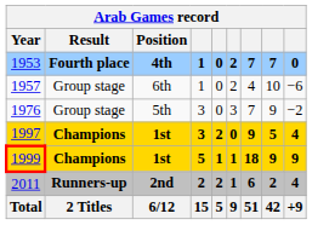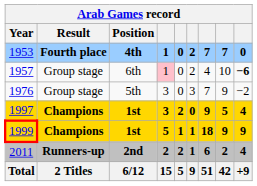 <table class="wikitable" style="text-align: center;">
 <tr>
 <th colspan=10><a href='#'>Arab Games</a> record</th>
 </tr>
 <tr>
 <th>Year</th>
 <th>Result</th>
 <th>Position</th>
 <th></th>
 <th></th>
 <th></th>
 <th></th>
 <th></th>
 <th></th>
 </tr>
 <tr bgcolor=#9acdff>
 <td> <a href='#'>1953</a></td>
 <td><strong>Fourth place</strong></td>
 <td><strong>4th</strong></td>
 <td><strong>1</strong></td>
 <td><strong>0</strong></td>
 <td><strong>2</strong></td>
 <td><strong>7</strong></td>
 <td><strong>7</strong></td>
 <td><strong>0</strong></td>
 </tr>
 <tr>
 <td> <a href='#'>1957</a></td>
 <td>Group stage</td>
 <td>6th</td>
-<td>1</td>
+<td style="background: pink;">1</td>
 <td>0</td>
 <td>2</td>
 <td>4</td>
 <td>10</td>
-<td>−6</td>
+<td><strong>−6</strong></td>
 </tr>
 <tr>
 <td> <a href='#'>1976</a></td>
 <td>Group stage</td>
 <td>5th</td>
 <td>3</td>
 <td>0</td>
 <td>3</td>
 <td>7</td>
 <td>9</td>
 <td>−2</td>
 </tr>
 <tr bgcolor=gold>
 <td> <a href='#'>1997</a></td>
 <td><strong>Champions</strong></td>
 <td><strong>1st</strong></td>
 <td><strong>3</strong></td>
 <td><strong>2</strong></td>
 <td><strong>0</strong></td>
 <td><strong>9</strong></td>
 <td><strong>5</strong></td>
 <td><strong>4</strong></td>
 </tr>
 <tr bgcolor=gold>
 <td style="border: 3px solid red"> <a href='#'>1999</a></td>
 <td><strong>Champions</strong></td>
 <td><strong>1st</strong></td>
 <td><strong>5</strong></td>
 <td><strong>1</strong></td>
 <td><strong>1</strong></td>
 <td><strong>18</strong></td>
 <td><strong>9</strong></td>
 <td><strong>9</strong></td>
 </tr>
 <tr bgcolor=silver>
 <td> <a href='#'>2011</a></td>
 <td><strong>Runners-up</strong></td>
 <td><strong>2nd</strong></td>
 <td><strong>2</strong></td>
 <td><strong>2</strong></td>
 <td><strong>1</strong></td>
 <td><strong>6</strong></td>
 <td><strong>2</strong></td>
 <td><strong>4</strong></td>
 </tr>
 <tr>
 <th>Total</th>
 <th>2 Titles</th>
 <th>6/12</th>
 <th>15</th>
 <th>5</th>
 <th>9</th>
 <th>51</th>
 <th>42</th>
 <th>+9</th>
 </tr>
 </table>
